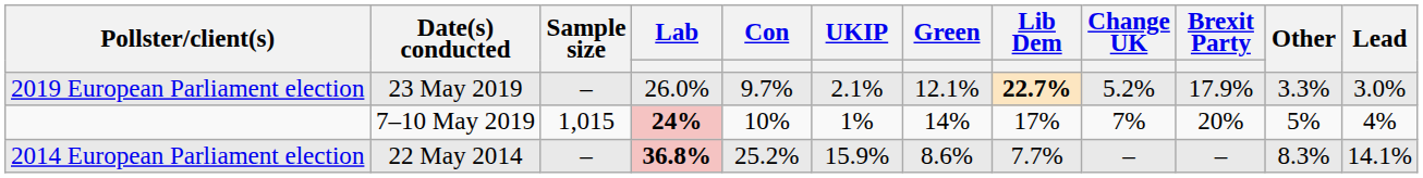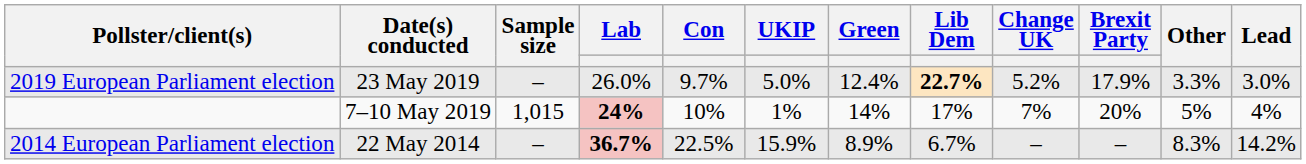 <table class="wikitable sortable mw-datatable" style="text-align:center;line-height:14px;">
 <tr>
 <th rowspan="2">Pollster/client(s)</th>
 <th rowspan="2">Date(s)<br>conducted</th>
 <th rowspan="2">Sample<br>size</th>
 <th class="unsortable" style="width:50px;"><a href='#'>Lab</a></th>
 <th class="unsortable" style="width:50px;"><a href='#'>Con</a></th>
 <th class="unsortable" style="width:50px;"><a href='#'>UKIP</a></th>
 <th class="unsortable" style="width:50px;"><a href='#'>Green</a></th>
 <th class="unsortable" style="width:50px;"><a href='#'>Lib Dem</a></th>
 <th class="unsortable" style="width:50px;"><a href='#'>Change UK</a></th>
 <th class="unsortable" style="width:50px;"><a href='#'>Brexit Party</a></th>
 <th class="unsortable" rowspan="2">Other</th>
 <th data-sort-type="number" rowspan="2">Lead</th>
 </tr>
 <tr>
 <th data-sort-type="number" style="background:"></th>
 <th data-sort-type="number" style="background:"></th>
 <th data-sort-type="number" style="background:"></th>
 <th data-sort-type="number" style="background:"></th>
 <th data-sort-type="number" style="background:"></th>
 <th data-sort-type="number" style="background:"></th>
 <th data-sort-type="number" style="background:"></th>
 </tr>
 <tr style="background:#E9E9E9;">
 <td><a href='#'>2019 European Parliament election</a></td>
 <td data-sort-value="2019-05-23">23 May 2019</td>
 <td>–</td>
 <td>26.0%</td>
 <td>9.7%</td>
-<td>2.1%</td>
-<td>12.1%</td>
+<td>5.0%</td>
+<td>12.4%</td>
 <td style="background:#FDE6C1;"><strong>22.7%</strong></td>
 <td>5.2%</td>
 <td>17.9%</td>
 <td>3.3%</td>
 <td style="background:">3.0%</td>
 </tr>
 <tr>
 <td></td>
 <td data-sort-value="2019-05-10">7–10 May 2019</td>
 <td>1,015</td>
 <td style="background:#F5C3C2;"><strong>24%</strong></td>
 <td>10%</td>
 <td>1%</td>
 <td>14%</td>
 <td>17%</td>
 <td>7%</td>
 <td>20%</td>
 <td>5%</td>
 <td style="background:">4%</td>
 </tr>
 <tr style="background:#E9E9E9;">
 <td><a href='#'>2014 European Parliament election</a></td>
 <td data-sort-value="2014-05-22">22 May 2014</td>
 <td>–</td>
-<td style="background:#F5C3C2;"><strong>36.8%</strong></td>
-<td>25.2%</td>
+<td style="background:#F5C3C2;"><strong>36.7%</strong></td>
+<td>22.5%</td>
 <td>15.9%</td>
-<td>8.6%</td>
-<td>7.7%</td>
+<td>8.9%</td>
+<td>6.7%</td>
 <td>–</td>
 <td>–</td>
 <td>8.3%</td>
-<td style="background:">14.1%</td>
+<td style="background:">14.2%</td>
 </tr>
 </table>
